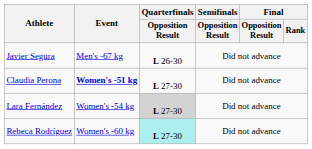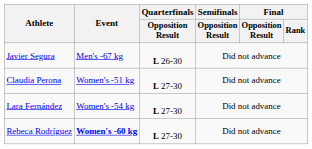 <table class="wikitable" style="font-size:90%">
 <tr>
 <th rowspan=2>Athlete</th>
 <th rowspan=2>Event</th>
 <th>Quarterfinals</th>
 <th>Semifinals</th>
 <th colspan=2>Final</th>
 </tr>
 <tr style="font-size:95%">
 <th>Opposition<br>Result</th>
 <th>Opposition<br>Result</th>
 <th>Opposition<br>Result</th>
 <th>Rank</th>
 </tr>
 <tr align=center>
 <td align=left><a href='#'>Javier Segura</a></td>
 <td align=left><a href='#'>Men's -67 kg</a></td>
 <td><br><strong>L</strong> 26-30</td>
 <td colspan=3>Did not advance</td>
 </tr>
 <tr align=center>
 <td align=left><a href='#'>Claudia Perona</a></td>
-<td align=left><strong><a href='#'>Women's -51 kg</a></strong></td>
+<td align=left><a href='#'>Women's -51 kg</a></td>
 <td><br><strong>L</strong> 27-30</td>
 <td colspan=3>Did not advance</td>
 </tr>
 <tr align=center>
 <td align=left><a href='#'>Lara Fernández</a></td>
 <td align=left><a href='#'>Women's -54 kg</a></td>
-<td style="background: lightgrey;"><br><strong>L</strong> 27-30</td>
+<td><br><strong>L</strong> 27-30</td>
 <td colspan=3>Did not advance</td>
 </tr>
 <tr align=center>
 <td align=left><a href='#'>Rebeca Rodríguez</a></td>
-<td align=left><a href='#'>Women's -60 kg</a></td>
-<td style="background: paleturquoise;"><br><strong>L</strong> 27-30</td>
+<td align=left><strong><a href='#'>Women's -60 kg</a></strong></td>
+<td><br><strong>L</strong> 27-30</td>
 <td colspan=3>Did not advance</td>
 </tr>
 </table>
